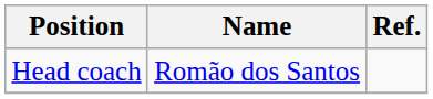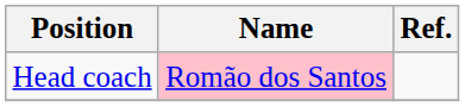 <table class="wikitable">
 <tr>
 <th>Position</th>
 <th>Name</th>
 <th>Ref.</th>
 </tr>
 <tr>
 <td><a href='#'>Head coach</a></td>
-<td>  <a href='#'>Romão dos Santos</a></td>
+<td style="background: pink;">  <a href='#'>Romão dos Santos</a></td>
 <td></td>
 </tr>
 <tr>
 </tr>
 </table>
